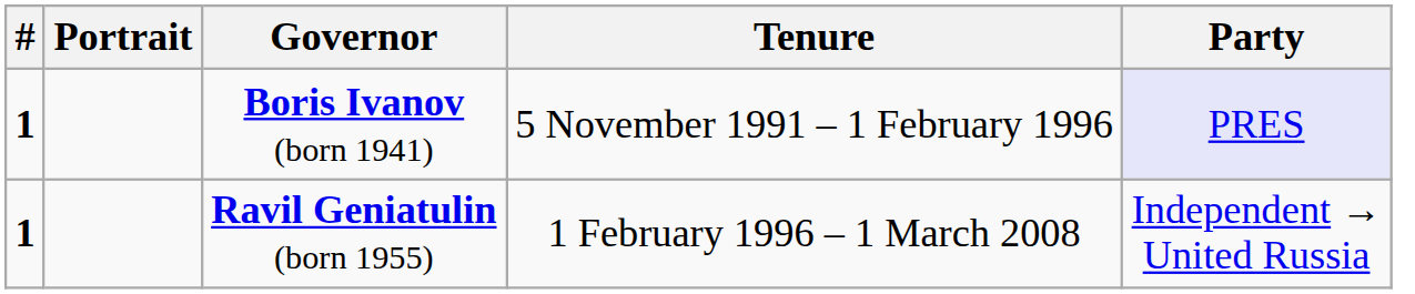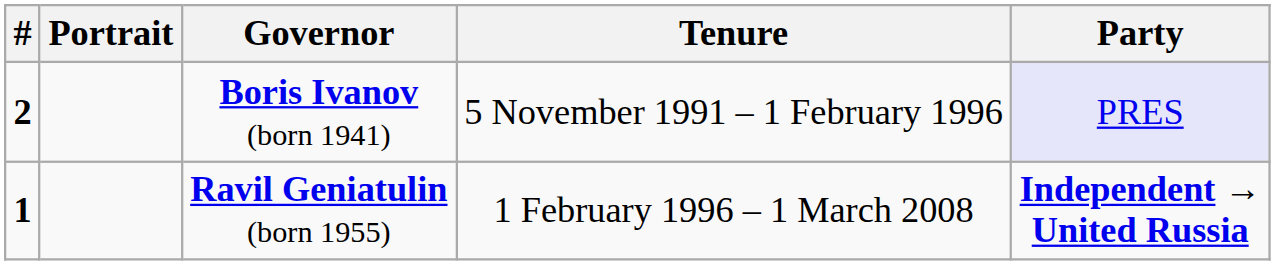 <table class="wikitable" style="text-align: center;">
 <tr>
 <th>#</th>
 <th>Portrait</th>
 <th>Governor</th>
 <th>Tenure</th>
 <th>Party</th>
 </tr>
 <tr>
-<td style="background: "><strong>1</strong></td>
+<td style="background: "><strong>2</strong></td>
 <td></td>
 <td><strong><a href='#'>Boris Ivanov</a></strong><br><small>(born 1941)</small></td>
 <td>5 November 1991 – 1 February 1996</td>
 <td style="background: lavender;"><a href='#'>PRES</a></td>
 </tr>
 <tr>
 <td style="background: "><strong>1</strong></td>
 <td></td>
 <td><strong><a href='#'>Ravil Geniatulin</a></strong><br><small>(born 1955)</small></td>
 <td>1 February 1996 – 1 March 2008</td>
-<td><a href='#'>Independent</a> →<br><a href='#'>United Russia</a></td>
+<td><strong><a href='#'>Independent</a> →<br><a href='#'>United Russia</a></strong></td>
 </tr>
 </table>
